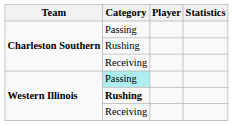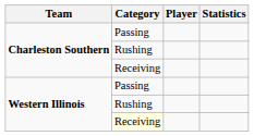 <table class="wikitable" style="float: right;">
 <tr>
 <th>Team</th>
 <th>Category</th>
 <th>Player</th>
 <th>Statistics</th>
 </tr>
 <tr>
 <td rowspan=3><strong>Charleston Southern</strong></td>
 <td>Passing</td>
 <td></td>
 <td></td>
 </tr>
 <tr>
 <td>Rushing</td>
 <td></td>
 <td></td>
 </tr>
 <tr>
 <td>Receiving</td>
 <td></td>
 <td></td>
 </tr>
 <tr>
 <td rowspan=3><strong>Western Illinois</strong></td>
-<td style="background: paleturquoise;">Passing</td>
+<td>Passing</td>
 <td></td>
 <td></td>
 </tr>
 <tr>
-<td><strong>Rushing</strong></td>
+<td>Rushing</td>
 <td></td>
 <td></td>
 </tr>
 <tr>
-<td>Receiving</td>
+<td style="background: lightyellow;">Receiving</td>
 <td></td>
 <td></td>
 </tr>
 </table>
